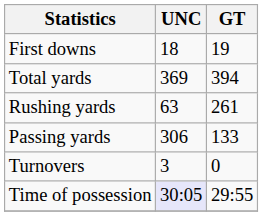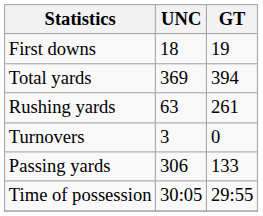 <table class="wikitable">
 <tr>
 <th>Statistics</th>
 <th>UNC</th>
 <th>GT</th>
 </tr>
 <tr>
 <td>First downs</td>
 <td>18</td>
 <td>19</td>
 </tr>
 <tr>
 <td>Total yards</td>
 <td>369</td>
 <td>394</td>
 </tr>
 <tr>
 <td>Rushing yards</td>
 <td>63</td>
 <td>261</td>
 </tr>
 <tr>
+<td>Turnovers</td>
+<td>3</td>
+<td>0</td>
+</tr>
+<tr>
 <td>Passing yards</td>
 <td>306</td>
 <td>133</td>
 </tr>
 <tr>
-<td>Turnovers</td>
-<td>3</td>
-<td>0</td>
-</tr>
-<tr>
 <td>Time of possession</td>
-<td style="background: lavender;">30:05</td>
+<td>30:05</td>
 <td>29:55</td>
 </tr>
 <tr>
 </tr>
 </table>
